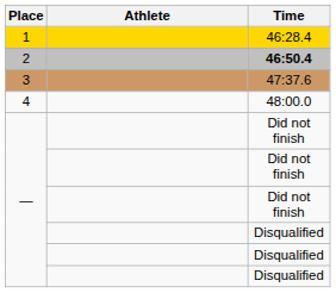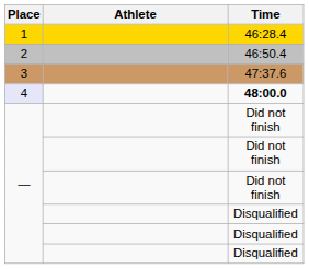 <table class=wikitable style="text-align:center">
 <tr>
 <th width=40>Place</th>
 <th width=230>Athlete</th>
 <th width=90>Time</th>
 </tr>
 <tr bgcolor=gold>
 <td>1</td>
 <td align=left></td>
 <td>46:28.4</td>
 </tr>
 <tr bgcolor=silver>
 <td>2</td>
 <td align=left></td>
-<td><strong>46:50.4</strong></td>
+<td>46:50.4</td>
 </tr>
 <tr bgcolor=cc9966>
 <td>3</td>
 <td align=left></td>
 <td>47:37.6</td>
 </tr>
 <tr>
-<td>4</td>
+<td style="background: lavender;">4</td>
 <td align=left></td>
-<td>48:00.0</td>
+<td><strong>48:00.0</strong></td>
 </tr>
 <tr>
 <td rowspan=6>—</td>
 <td align=left></td>
 <td>Did not finish</td>
 </tr>
 <tr>
 <td align=left></td>
 <td>Did not finish</td>
 </tr>
 <tr>
 <td align=left></td>
 <td>Did not finish</td>
 </tr>
 <tr>
 <td align=left></td>
 <td>Disqualified</td>
 </tr>
 <tr>
 <td align=left></td>
 <td>Disqualified</td>
 </tr>
 <tr>
 <td align=left></td>
 <td>Disqualified</td>
 </tr>
 </table>
